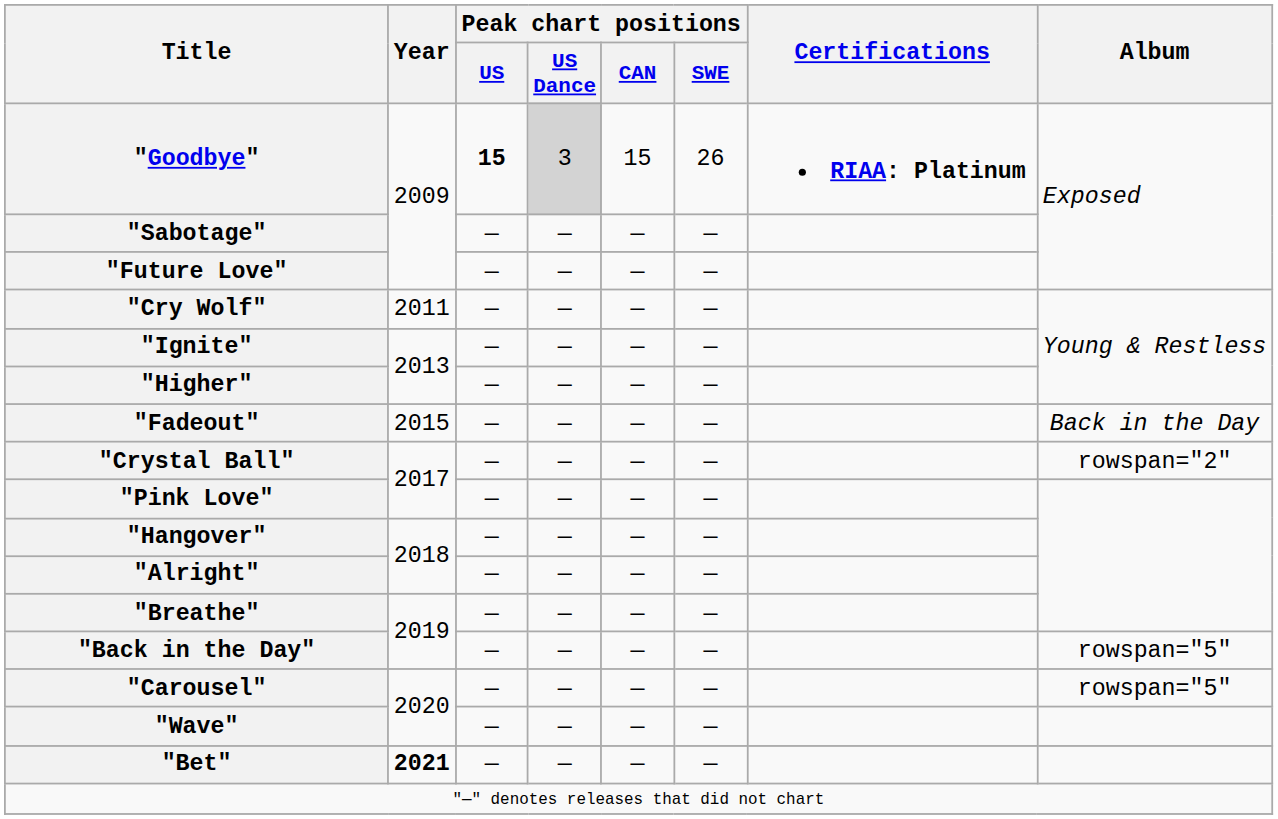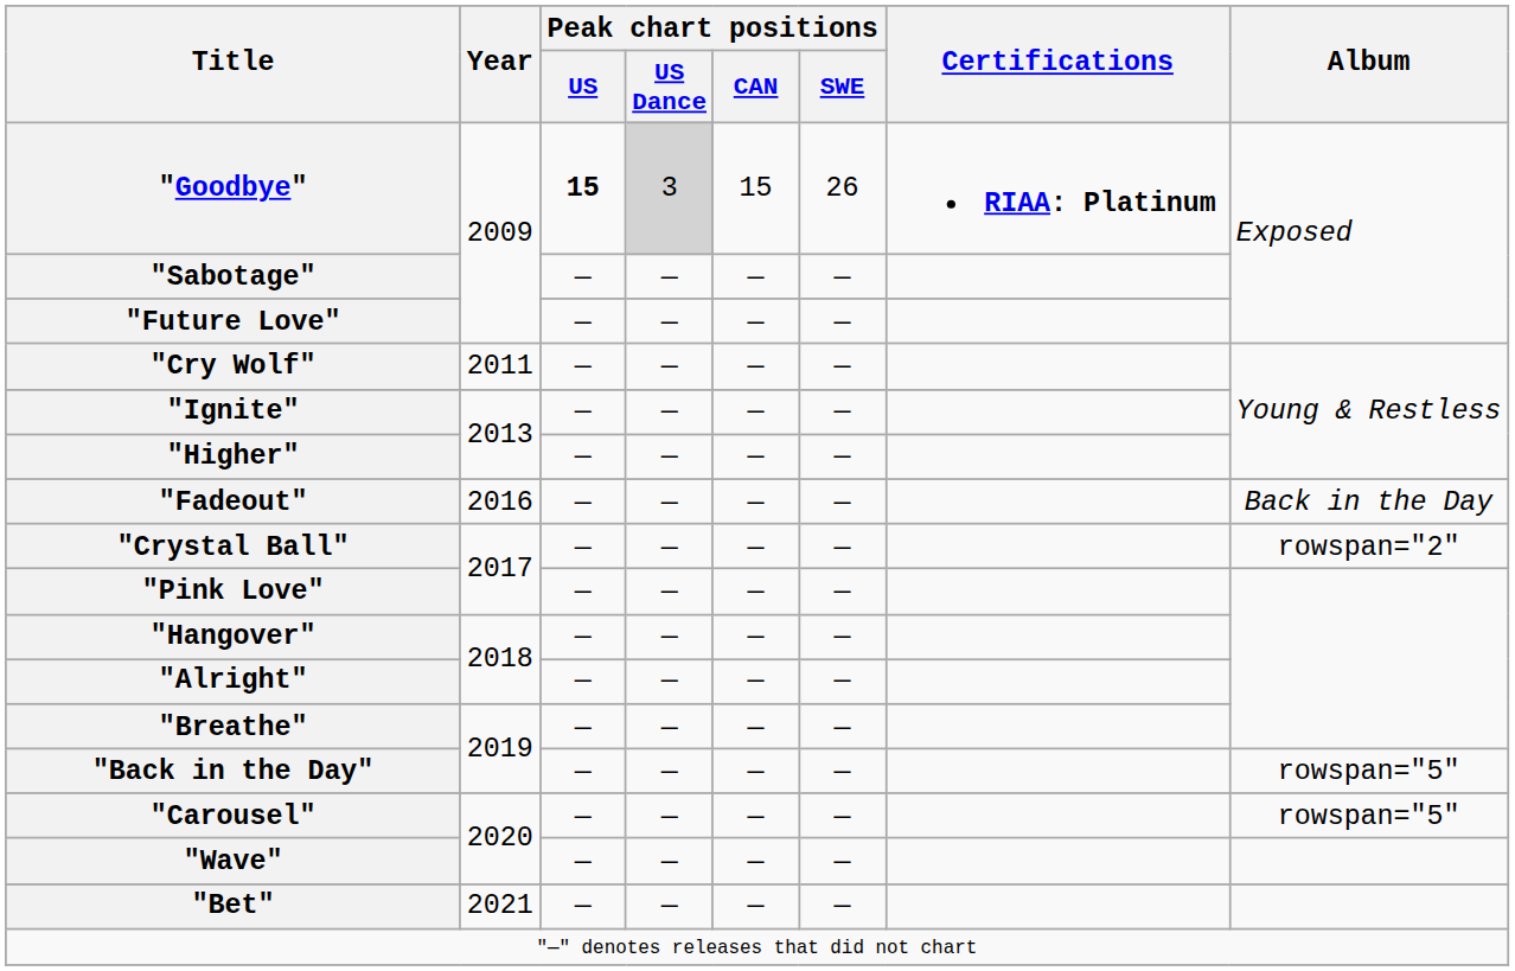 <table class="wikitable plainrowheaders" style="text-align:center;">
 <tr>
 <th scope="col" rowspan="2" style="width:16em;">Title</th>
 <th scope="col" rowspan="2">Year</th>
 <th scope="col" colspan="4">Peak chart positions</th>
 <th scope="col" rowspan="2" style="width:12em;"><a href='#'>Certifications</a></th>
 <th scope="col" rowspan="2">Album</th>
 </tr>
 <tr>
 <th scope="col" style="width:3em;font-size:90%;"><a href='#'>US</a><br></th>
 <th scope="col" style="width:3em;font-size:90%;"><a href='#'>US Dance</a><br></th>
 <th scope="col" style="width:3em;font-size:90%;"><a href='#'>CAN</a><br></th>
 <th scope="col" style="width:3em;font-size:90%;"><a href='#'>SWE</a><br></th>
 </tr>
 <tr>
 <th scope="row">"<a href='#'>Goodbye</a>"</th>
 <td rowspan="3">2009</td>
 <td><strong>15</strong></td>
 <td style="background: lightgrey;">3</td>
 <td>15</td>
 <td>26</td>
 <td><strong><br><ul><li><a href='#'>RIAA</a>: Platinum</li></ul></strong></td>
 <td style="text-align:left;" rowspan="3"><em>Exposed</em></td>
 </tr>
 <tr>
 <th scope="row">"Sabotage"</th>
 <td>—</td>
 <td>—</td>
 <td>—</td>
 <td>—</td>
 <td></td>
 </tr>
 <tr>
 <th scope="row">"Future Love"</th>
 <td>—</td>
 <td>—</td>
 <td>—</td>
 <td>—</td>
 <td></td>
 </tr>
 <tr>
 <th scope="row">"Cry Wolf"</th>
 <td>2011</td>
 <td>—</td>
 <td>—</td>
 <td>—</td>
 <td>—</td>
 <td></td>
 <td style="text-align:left;" rowspan="3"><em>Young & Restless</em></td>
 </tr>
 <tr>
 <th scope="row">"Ignite"</th>
 <td rowspan="2">2013</td>
 <td>—</td>
 <td>—</td>
 <td>—</td>
 <td>—</td>
 <td></td>
 </tr>
 <tr>
 <th scope="row">"Higher"</th>
 <td>—</td>
 <td>—</td>
 <td>—</td>
 <td>—</td>
 <td></td>
 </tr>
 <tr>
 <th scope="row">"Fadeout" <br></th>
-<td>2015</td>
+<td>2016</td>
 <td>—</td>
 <td>—</td>
 <td>—</td>
 <td>—</td>
 <td></td>
 <td><em>Back in the Day</em></td>
 </tr>
 <tr>
 <th scope="row">"Crystal Ball"</th>
 <td rowspan="2">2017</td>
 <td>—</td>
 <td>—</td>
 <td>—</td>
 <td>—</td>
 <td></td>
 <td>rowspan="2" </td>
 </tr>
 <tr>
 <th scope="row">"Pink Love"</th>
 <td>—</td>
 <td>—</td>
 <td>—</td>
 <td>—</td>
 <td></td>
 </tr>
 <tr>
 <th scope="row">"Hangover"</th>
 <td rowspan="2">2018</td>
 <td>—</td>
 <td>—</td>
 <td>—</td>
 <td>—</td>
 <td></td>
 </tr>
 <tr>
 <th scope="row">"Alright"</th>
 <td>—</td>
 <td>—</td>
 <td>—</td>
 <td>—</td>
 <td></td>
 </tr>
 <tr>
 <th scope="row">"Breathe"</th>
 <td rowspan="2">2019</td>
 <td>—</td>
 <td>—</td>
 <td>—</td>
 <td>—</td>
 <td></td>
 </tr>
 <tr>
 <th scope="row">"Back in the Day"</th>
 <td>—</td>
 <td>—</td>
 <td>—</td>
 <td>—</td>
 <td></td>
 <td>rowspan="5" </td>
 </tr>
 <tr>
 <th scope="row">"Carousel"</th>
 <td rowspan="2">2020</td>
 <td>—</td>
 <td>—</td>
 <td>—</td>
 <td>—</td>
 <td></td>
 <td>rowspan="5" </td>
 </tr>
 <tr>
 <th scope="row">"Wave"</th>
 <td>—</td>
 <td>—</td>
 <td>—</td>
 <td>—</td>
 <td></td>
 </tr>
 <tr>
 <th scope="row">"Bet" <br></th>
-<td><strong>2021</strong></td>
+<td>2021</td>
 <td>—</td>
 <td>—</td>
 <td>—</td>
 <td>—</td>
 <td></td>
 <td></td>
 </tr>
 <tr>
 <td colspan="10" style="font-size:8pt"><small>"—" denotes releases that did not chart</small></td>
 </tr>
 </table>
